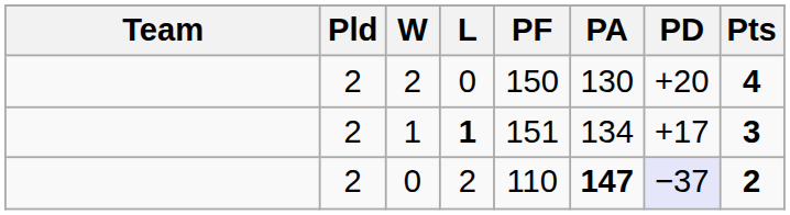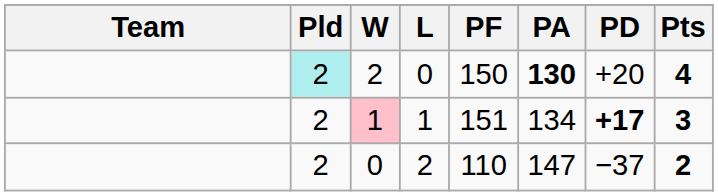 <table class=wikitable>
 <tr align=center>
 </tr>
 <tr>
 <th width=150>Team</th>
 <th width=20>Pld</th>
 <th width=20>W</th>
 <th width=20>L</th>
 <th width=30>PF</th>
 <th width=30>PA</th>
 <th width=30>PD</th>
 <th width=20>Pts</th>
 </tr>
 <tr align=center>
 <td align=left></td>
-<td>2</td>
+<td style="background: paleturquoise;">2</td>
 <td>2</td>
 <td>0</td>
 <td>150</td>
-<td>130</td>
+<td><strong>130</strong></td>
 <td>+20</td>
 <td><strong>4</strong></td>
 </tr>
 <tr align=center>
 <td align=left></td>
 <td>2</td>
+<td style="background: pink;">1</td>
 <td>1</td>
-<td><strong>1</strong></td>
 <td>151</td>
 <td>134</td>
-<td>+17</td>
+<td><strong>+17</strong></td>
 <td><strong>3</strong></td>
 </tr>
 <tr align=center>
 <td align=left></td>
 <td>2</td>
 <td>0</td>
 <td>2</td>
 <td>110</td>
-<td><strong>147</strong></td>
-<td style="background: lavender;">−37</td>
+<td>147</td>
+<td>−37</td>
 <td><strong>2</strong></td>
 </tr>
 </table>
